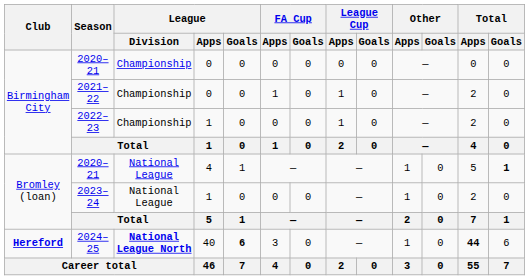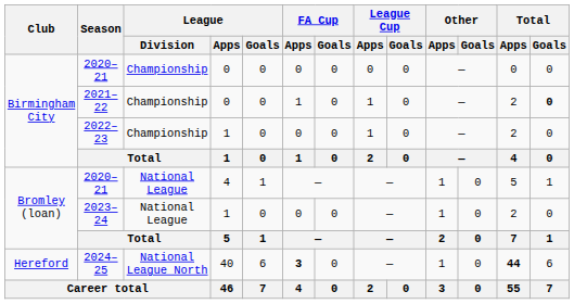 <table class=wikitable style=text-align:center>
 <tr>
 <th rowspan="2">Club</th>
 <th rowspan="2">Season</th>
 <th colspan="3">League</th>
 <th colspan="2"><a href='#'>FA Cup</a></th>
 <th colspan="2"><a href='#'>League Cup</a></th>
 <th colspan="2">Other</th>
 <th colspan="2">Total</th>
 </tr>
 <tr>
 <th>Division</th>
 <th>Apps</th>
 <th>Goals</th>
 <th>Apps</th>
 <th>Goals</th>
 <th>Apps</th>
 <th>Goals</th>
 <th>Apps</th>
 <th>Goals</th>
 <th>Apps</th>
 <th>Goals</th>
 </tr>
 <tr>
 <td rowspan="4"><a href='#'>Birmingham City</a></td>
 <td><a href='#'>2020–21</a></td>
 <td><a href='#'>Championship</a></td>
 <td>0</td>
 <td>0</td>
 <td>0</td>
 <td>0</td>
 <td>0</td>
 <td>0</td>
 <td colspan="2">—</td>
 <td>0</td>
 <td>0</td>
 </tr>
 <tr>
 <td><a href='#'>2021–22</a></td>
 <td>Championship</td>
 <td>0</td>
 <td>0</td>
 <td>1</td>
 <td>0</td>
 <td>1</td>
 <td>0</td>
 <td colspan="2">—</td>
 <td>2</td>
-<td>0</td>
+<td><strong>0</strong></td>
 </tr>
 <tr>
 <td><a href='#'>2022–23</a></td>
 <td>Championship</td>
 <td>1</td>
 <td>0</td>
 <td>0</td>
 <td>0</td>
 <td>1</td>
 <td>0</td>
 <td colspan="2">—</td>
 <td>2</td>
 <td>0</td>
 </tr>
 <tr>
 <th colspan="2">Total</th>
 <th>1</th>
 <th>0</th>
 <th>1</th>
 <th>0</th>
 <th>2</th>
 <th>0</th>
 <th colspan="2">—</th>
 <th>4</th>
 <th>0</th>
 </tr>
 <tr>
 <td rowspan="3"><a href='#'>Bromley</a> (loan)</td>
 <td><a href='#'>2020–21</a></td>
 <td><a href='#'>National League</a></td>
 <td>4</td>
 <td>1</td>
 <td colspan="2">—</td>
 <td colspan="2">—</td>
 <td>1</td>
 <td>0</td>
 <td>5</td>
-<td><strong>1</strong></td>
+<td>1</td>
 </tr>
 <tr>
 <td><a href='#'>2023–24</a></td>
 <td>National League</td>
 <td>1</td>
 <td>0</td>
 <td>0</td>
 <td>0</td>
 <td colspan="2">—</td>
 <td>1</td>
 <td>0</td>
 <td>2</td>
 <td>0</td>
 </tr>
 <tr>
 <th colspan="2">Total</th>
 <th>5</th>
 <th>1</th>
 <th colspan="2">—</th>
 <th colspan="2">—</th>
 <th>2</th>
 <th>0</th>
 <th>7</th>
 <th>1</th>
 </tr>
 <tr>
-<td><strong><a href='#'>Hereford</a></strong></td>
+<td><a href='#'>Hereford</a></td>
 <td><a href='#'>2024–25</a></td>
-<td><strong><a href='#'>National League North</a></strong></td>
+<td><a href='#'>National League North</a></td>
 <td>40</td>
-<td><strong>6</strong></td>
-<td>3</td>
+<td>6</td>
+<td><strong>3</strong></td>
 <td>0</td>
 <td colspan="2">—</td>
 <td>1</td>
 <td>0</td>
 <td><strong>44</strong></td>
 <td>6</td>
 </tr>
 <tr>
 <th colspan=3>Career total</th>
 <th>46</th>
 <th>7</th>
 <th>4</th>
 <th>0</th>
 <th>2</th>
 <th>0</th>
 <th>3</th>
 <th>0</th>
 <th>55</th>
 <th>7</th>
 </tr>
 </table>
